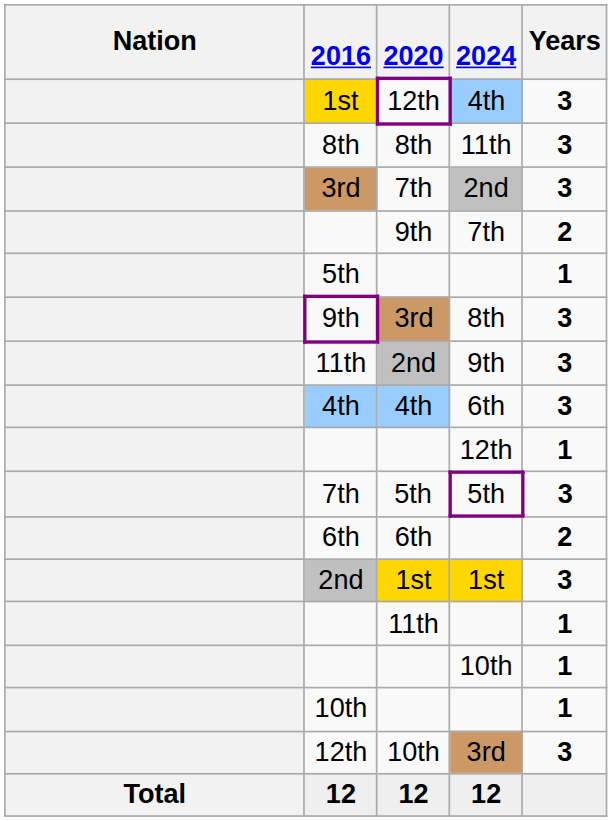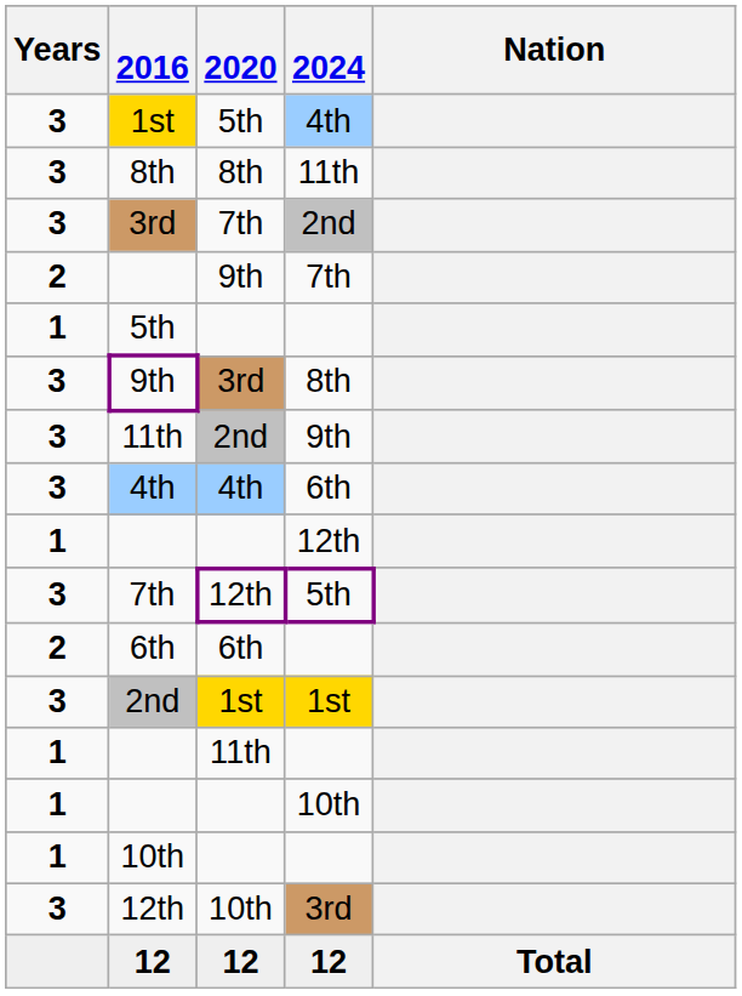 <table class="wikitable sortable plainrowheaders sticky-header" style="text-align:center">
 <tr>
-<th scope="col" width=170>Nation</th>
+<th scope="col">Years</th>
 <th scope="col"><br><a href='#'>2016</a></th>
 <th scope="col"><br><a href='#'>2020</a></th>
 <th scope="col"><br><a href='#'>2024</a></th>
-<th scope="col">Years</th>
+<th scope="col" width=170>Nation</th>
 </tr>
 <tr>
+<td><strong>3</strong></td>
+<td bgcolor=gold>1st</td>
+<td>5th</td>
+<td bgcolor=#9acdff>4th</td>
 <th scope="row"></th>
-<td bgcolor=gold>1st</td>
-<td style="border:2px solid purple">12th</td>
-<td bgcolor=#9acdff>4th</td>
-<td><strong>3</strong></td>
 </tr>
 <tr>
-<th scope="row"></th>
+<td><strong>3</strong></td>
 <td>8th</td>
 <td>8th</td>
 <td>11th</td>
-<td><strong>3</strong></td>
+<th scope="row"></th>
 </tr>
 <tr>
-<th scope="row"></th>
+<td><strong>3</strong></td>
 <td bgcolor=#cc9966>3rd</td>
 <td>7th</td>
 <td bgcolor=silver>2nd</td>
-<td><strong>3</strong></td>
+<th scope="row"></th>
 </tr>
 <tr>
-<th scope="row"></th>
+<td><strong>2</strong></td>
 <td></td>
 <td>9th</td>
 <td>7th</td>
-<td><strong>2</strong></td>
+<th scope="row"></th>
 </tr>
 <tr>
-<th scope="row"></th>
+<td><strong>1</strong></td>
 <td>5th</td>
 <td></td>
 <td></td>
-<td><strong>1</strong></td>
+<th scope="row"></th>
 </tr>
 <tr>
-<th scope="row"></th>
+<td><strong>3</strong></td>
 <td style="border:2px solid purple">9th</td>
 <td bgcolor=#cc9966>3rd</td>
 <td>8th</td>
-<td><strong>3</strong></td>
+<th scope="row"></th>
 </tr>
 <tr>
-<th scope="row"></th>
+<td><strong>3</strong></td>
 <td>11th</td>
 <td bgcolor=silver>2nd</td>
 <td>9th</td>
-<td><strong>3</strong></td>
+<th scope="row"></th>
 </tr>
 <tr>
-<th scope="row"></th>
+<td><strong>3</strong></td>
 <td bgcolor=#9acdff>4th</td>
 <td bgcolor=#9acdff>4th</td>
 <td>6th</td>
-<td><strong>3</strong></td>
+<th scope="row"></th>
 </tr>
 <tr>
-<th scope="row"></th>
+<td><strong>1</strong></td>
 <td></td>
 <td></td>
 <td>12th</td>
-<td><strong>1</strong></td>
+<th scope="row"></th>
 </tr>
 <tr>
+<td><strong>3</strong></td>
+<td>7th</td>
+<td style="border:2px solid purple">12th</td>
+<td style="border:2px solid purple">5th</td>
 <th scope="row"></th>
-<td>7th</td>
-<td>5th</td>
-<td style="border:2px solid purple">5th</td>
-<td><strong>3</strong></td>
 </tr>
 <tr>
-<th scope="row"></th>
+<td><strong>2</strong></td>
 <td>6th</td>
 <td>6th</td>
 <td></td>
-<td><strong>2</strong></td>
+<th scope="row"></th>
 </tr>
 <tr>
-<th scope="row"></th>
+<td><strong>3</strong></td>
 <td bgcolor=silver>2nd</td>
 <td bgcolor=gold>1st</td>
 <td bgcolor=gold>1st</td>
-<td><strong>3</strong></td>
+<th scope="row"></th>
 </tr>
 <tr>
-<th scope="row"></th>
+<td><strong>1</strong></td>
 <td></td>
 <td>11th</td>
 <td></td>
-<td><strong>1</strong></td>
+<th scope="row"></th>
 </tr>
 <tr>
-<th scope="row"></th>
+<td><strong>1</strong></td>
 <td></td>
 <td></td>
 <td>10th</td>
-<td><strong>1</strong></td>
+<th scope="row"></th>
 </tr>
 <tr>
-<th scope="row"></th>
+<td><strong>1</strong></td>
 <td>10th</td>
 <td></td>
 <td></td>
-<td><strong>1</strong></td>
+<th scope="row"></th>
 </tr>
 <tr>
-<th scope="row"></th>
+<td><strong>3</strong></td>
 <td>12th</td>
 <td>10th</td>
 <td bgcolor=#cc9966>3rd</td>
-<td><strong>3</strong></td>
+<th scope="row"></th>
 </tr>
 <tr class="sortbottom" style="font-weight:bold; background:#EFEFEF">
-<th scope="row" style="text-align: center;"><strong>Total</strong></th>
+<td></td>
 <td>12</td>
 <td>12</td>
 <td>12</td>
-<td></td>
+<th scope="row" style="text-align: center;"><strong>Total</strong></th>
 </tr>
 </table>
